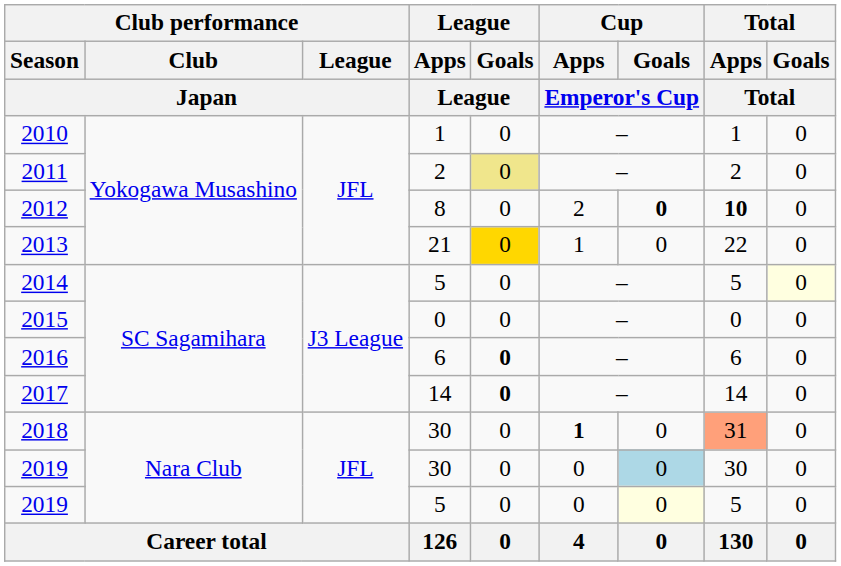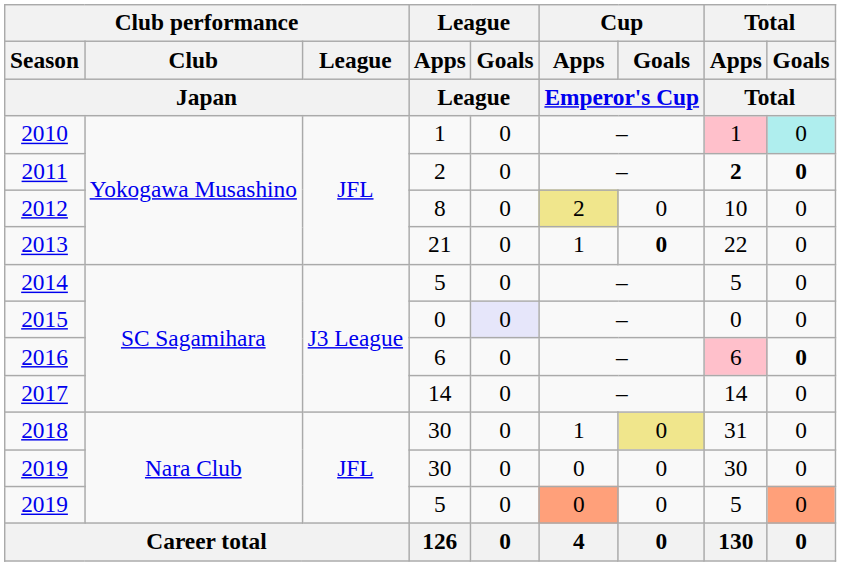 <table class="wikitable" style="text-align:center">
 <tr>
 <th colspan=3>Club performance</th>
 <th colspan=2>League</th>
 <th colspan=2>Cup</th>
 <th colspan=2>Total</th>
 </tr>
 <tr>
 <th>Season</th>
 <th>Club</th>
 <th>League</th>
 <th>Apps</th>
 <th>Goals</th>
 <th>Apps</th>
 <th>Goals</th>
 <th>Apps</th>
 <th>Goals</th>
 </tr>
 <tr>
 <th colspan=3>Japan</th>
 <th colspan=2>League</th>
 <th colspan=2><a href='#'>Emperor's Cup</a></th>
 <th colspan=2>Total</th>
 </tr>
 <tr>
 <td><a href='#'>2010</a></td>
 <td rowspan="4"><a href='#'>Yokogawa Musashino</a></td>
 <td rowspan="4"><a href='#'>JFL</a></td>
 <td>1</td>
 <td>0</td>
 <td colspan="2">–</td>
-<td>1</td>
-<td>0</td>
+<td style="background: pink;">1</td>
+<td style="background: paleturquoise;">0</td>
 </tr>
 <tr>
 <td><a href='#'>2011</a></td>
 <td>2</td>
-<td style="background: khaki;">0</td>
+<td>0</td>
 <td colspan="2">–</td>
-<td>2</td>
-<td>0</td>
+<td><strong>2</strong></td>
+<td><strong>0</strong></td>
 </tr>
 <tr>
 <td><a href='#'>2012</a></td>
 <td>8</td>
 <td>0</td>
-<td>2</td>
-<td><strong>0</strong></td>
-<td><strong>10</strong></td>
+<td style="background: khaki;">2</td>
+<td>0</td>
+<td>10</td>
 <td>0</td>
 </tr>
 <tr>
 <td><a href='#'>2013</a></td>
 <td>21</td>
-<td style="background: gold;">0</td>
+<td>0</td>
 <td>1</td>
-<td>0</td>
+<td><strong>0</strong></td>
 <td>22</td>
 <td>0</td>
 </tr>
 <tr>
 <td><a href='#'>2014</a></td>
 <td rowspan="4"><a href='#'>SC Sagamihara</a></td>
 <td rowspan="4"><a href='#'>J3 League</a></td>
 <td>5</td>
 <td>0</td>
 <td colspan="2">–</td>
 <td>5</td>
-<td style="background: lightyellow;">0</td>
+<td>0</td>
 </tr>
 <tr>
 <td><a href='#'>2015</a></td>
 <td>0</td>
-<td>0</td>
+<td style="background: lavender;">0</td>
 <td colspan="2">–</td>
 <td>0</td>
 <td>0</td>
 </tr>
 <tr>
 <td><a href='#'>2016</a></td>
 <td>6</td>
+<td>0</td>
+<td colspan="2">–</td>
+<td style="background: pink;">6</td>
 <td><strong>0</strong></td>
-<td colspan="2">–</td>
-<td>6</td>
-<td>0</td>
 </tr>
 <tr>
 <td><a href='#'>2017</a></td>
 <td>14</td>
-<td><strong>0</strong></td>
+<td>0</td>
 <td colspan="2">–</td>
 <td>14</td>
 <td>0</td>
 </tr>
 <tr>
 <td><a href='#'>2018</a></td>
 <td rowspan="3"><a href='#'>Nara Club</a></td>
 <td rowspan="3"><a href='#'>JFL</a></td>
 <td>30</td>
 <td>0</td>
-<td><strong>1</strong></td>
-<td>0</td>
-<td style="background: lightsalmon;">31</td>
+<td>1</td>
+<td style="background: khaki;">0</td>
+<td>31</td>
 <td>0</td>
 </tr>
 <tr>
 <td><a href='#'>2019</a></td>
 <td>30</td>
 <td>0</td>
 <td>0</td>
-<td style="background: lightblue;">0</td>
+<td>0</td>
 <td>30</td>
 <td>0</td>
 </tr>
 <tr>
 <td><a href='#'>2019</a></td>
 <td>5</td>
 <td>0</td>
+<td style="background: lightsalmon;">0</td>
 <td>0</td>
-<td style="background: lightyellow;">0</td>
 <td>5</td>
-<td>0</td>
+<td style="background: lightsalmon;">0</td>
 </tr>
 <tr>
 <th colspan=3>Career total</th>
 <th>126</th>
 <th>0</th>
 <th>4</th>
 <th>0</th>
 <th>130</th>
 <th>0</th>
 </tr>
 </table>
